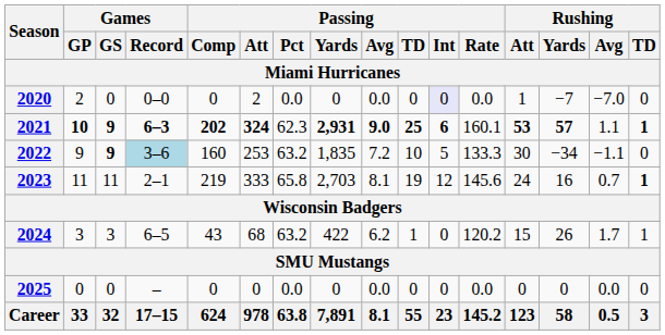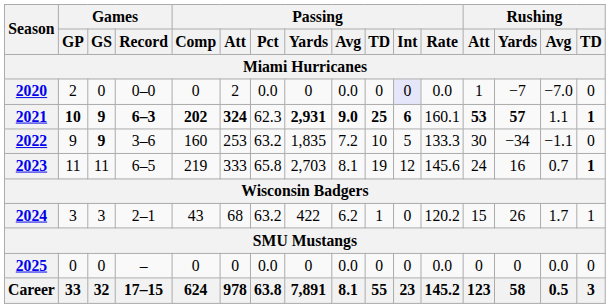 <table class="wikitable" style="text-align:center;">
 <tr>
 <th rowspan="2">Season</th>
 <th colspan="3">Games</th>
 <th colspan="8">Passing</th>
 <th colspan="5">Rushing</th>
 </tr>
 <tr>
 <th>GP</th>
 <th>GS</th>
 <th>Record</th>
 <th>Comp</th>
 <th>Att</th>
 <th>Pct</th>
 <th>Yards</th>
 <th>Avg</th>
 <th>TD</th>
 <th>Int</th>
 <th>Rate</th>
 <th>Att</th>
 <th>Yards</th>
 <th>Avg</th>
 <th>TD</th>
 </tr>
 <tr>
 <th colspan="16">Miami Hurricanes</th>
 </tr>
 <tr>
 <th><a href='#'>2020</a></th>
 <td>2</td>
 <td>0</td>
 <td>0–0</td>
 <td>0</td>
 <td>2</td>
 <td>0.0</td>
 <td>0</td>
 <td>0.0</td>
 <td>0</td>
 <td style="background: lavender;">0</td>
 <td>0.0</td>
 <td>1</td>
 <td>−7</td>
 <td>−7.0</td>
 <td>0</td>
 </tr>
 <tr>
 <th><a href='#'>2021</a></th>
 <td><strong>10</strong></td>
 <td><strong>9</strong></td>
 <td><strong>6–3</strong></td>
 <td><strong>202</strong></td>
 <td><strong>324</strong></td>
 <td>62.3</td>
 <td><strong>2,931</strong></td>
 <td><strong>9.0</strong></td>
 <td><strong>25</strong></td>
 <td><strong>6</strong></td>
 <td>160.1</td>
 <td><strong>53</strong></td>
 <td><strong>57</strong></td>
 <td>1.1</td>
 <td><strong>1</strong></td>
 </tr>
 <tr>
 <th><a href='#'>2022</a></th>
 <td>9</td>
 <td><strong>9</strong></td>
-<td style="background: lightblue;">3–6</td>
+<td>3–6</td>
 <td>160</td>
 <td>253</td>
 <td>63.2</td>
 <td>1,835</td>
 <td>7.2</td>
 <td>10</td>
 <td>5</td>
 <td>133.3</td>
 <td>30</td>
 <td>−34</td>
 <td>−1.1</td>
 <td>0</td>
 </tr>
 <tr>
 <th><a href='#'>2023</a></th>
 <td>11</td>
 <td>11</td>
-<td>2–1</td>
+<td>6–5</td>
 <td>219</td>
 <td>333</td>
 <td>65.8</td>
 <td>2,703</td>
 <td>8.1</td>
 <td>19</td>
 <td>12</td>
 <td>145.6</td>
 <td>24</td>
 <td>16</td>
 <td>0.7</td>
 <td><strong>1</strong></td>
 </tr>
 <tr>
 <th colspan="16">Wisconsin Badgers</th>
 </tr>
 <tr>
 <th><a href='#'>2024</a></th>
 <td>3</td>
 <td>3</td>
-<td>6–5</td>
+<td>2–1</td>
 <td>43</td>
 <td>68</td>
 <td>63.2</td>
 <td>422</td>
 <td>6.2</td>
 <td>1</td>
 <td>0</td>
 <td>120.2</td>
 <td>15</td>
 <td>26</td>
 <td>1.7</td>
 <td>1</td>
 </tr>
 <tr>
 <th colspan="16">SMU Mustangs</th>
 </tr>
 <tr>
 <th><a href='#'>2025</a></th>
 <td>0</td>
 <td>0</td>
 <td>–</td>
 <td>0</td>
 <td>0</td>
 <td>0.0</td>
 <td>0</td>
 <td>0.0</td>
 <td>0</td>
 <td>0</td>
 <td>0.0</td>
 <td>0</td>
 <td>0</td>
 <td>0.0</td>
 <td>0</td>
 </tr>
 <tr>
 <th>Career</th>
 <th>33</th>
 <th>32</th>
 <th>17–15</th>
 <th>624</th>
 <th>978</th>
 <th>63.8</th>
 <th>7,891</th>
 <th>8.1</th>
 <th>55</th>
 <th>23</th>
 <th>145.2</th>
 <th>123</th>
 <th>58</th>
 <th>0.5</th>
 <th>3</th>
 </tr>
 </table>
